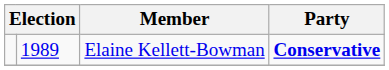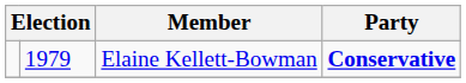 <table class="wikitable">
 <tr>
 <th colspan="2">Election</th>
 <th>Member</th>
 <th>Party</th>
 </tr>
 <tr>
 <td style="background-color: "></td>
-<td><a href='#'>1989</a></td>
+<td><a href='#'>1979</a></td>
 <td><a href='#'>Elaine Kellett-Bowman</a></td>
 <td><strong><a href='#'>Conservative</a></strong></td>
 </tr>
 <tr>
 </tr>
 </table>
